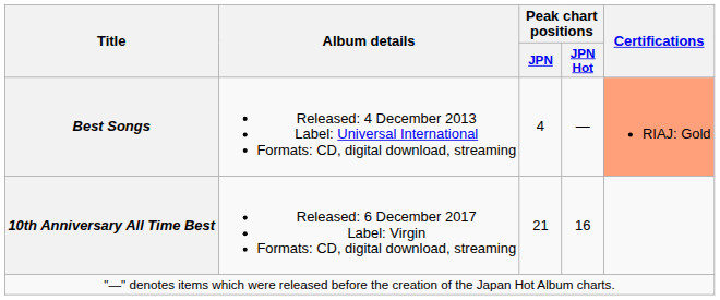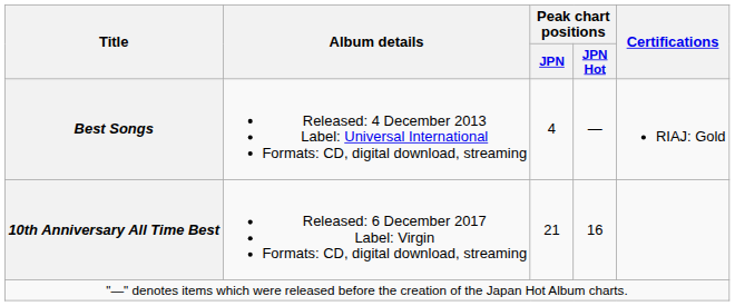 <table class="wikitable plainrowheaders" border="1" style="text-align:center;">
 <tr>
 <th rowspan="2" scope="col">Title</th>
 <th rowspan="2" scope="col">Album details</th>
 <th colspan="2" scope="col">Peak chart positions</th>
 <th rowspan="2" scope="col"><a href='#'>Certifications</a></th>
 </tr>
 <tr>
 <th scope="col" style="width:2.85em;font-size:90%;"><a href='#'>JPN</a><br></th>
 <th scope="col" style="width:2.85em;font-size:90%;"><a href='#'>JPN<br>Hot</a><br></th>
 </tr>
 <tr>
 <th scope="row"><em>Best Songs</em></th>
 <td><br><ul><li>Released: 4 December 2013 </li><li>Label: <a href='#'>Universal International</a></li><li>Formats: CD, digital download, streaming</li></ul></td>
 <td>4</td>
 <td>—</td>
-<td align="left" style="background: lightsalmon;"><br><ul><li>RIAJ: Gold</li></ul></td>
+<td align="left"><br><ul><li>RIAJ: Gold</li></ul></td>
 </tr>
 <tr>
 <th scope="row"><em>10th Anniversary All Time Best</em></th>
 <td><br><ul><li>Released: 6 December 2017 </li><li>Label: Virgin</li><li>Formats: CD, digital download, streaming</li></ul></td>
 <td>21</td>
 <td>16</td>
 <td align="left"></td>
 </tr>
 <tr>
 <td colspan="5" align="center" style="font-size:90%;">"—" denotes items which were released before the creation of the Japan Hot Album charts.</td>
 </tr>
 </table>
